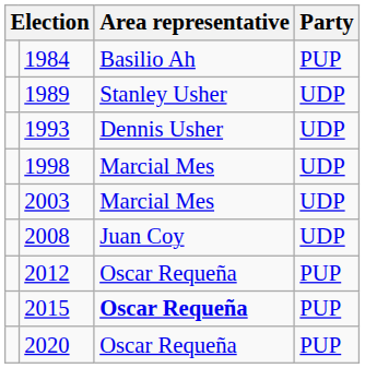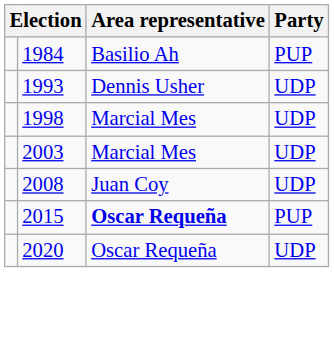 <table class="wikitable">
 <tr>
 <th colspan="2">Election</th>
 <th>Area representative</th>
 <th>Party</th>
 </tr>
 <tr>
 <td style="background-color: "></td>
 <td><a href='#'>1984</a></td>
 <td><a href='#'>Basilio Ah</a></td>
 <td><a href='#'>PUP</a></td>
-</tr>
-<tr>
-<td style="background-color: "></td>
-<td><a href='#'>1989</a></td>
-<td><a href='#'>Stanley Usher</a></td>
-<td><a href='#'>UDP</a></td>
 </tr>
 <tr>
 <td style="background-color: "></td>
 <td><a href='#'>1993</a></td>
 <td><a href='#'>Dennis Usher</a></td>
 <td><a href='#'>UDP</a></td>
 </tr>
 <tr>
 <td style="background-color: "></td>
 <td><a href='#'>1998</a></td>
 <td><a href='#'>Marcial Mes</a></td>
 <td><a href='#'>UDP</a></td>
 </tr>
 <tr>
 <td style="background-color: "></td>
 <td><a href='#'>2003</a></td>
 <td><a href='#'>Marcial Mes</a></td>
 <td><a href='#'>UDP</a></td>
 </tr>
 <tr>
 <td style="background-color: "></td>
 <td><a href='#'>2008</a></td>
 <td><a href='#'>Juan Coy</a></td>
 <td><a href='#'>UDP</a></td>
 </tr>
 <tr>
 <td style="background-color: "></td>
-<td><a href='#'>2012</a></td>
-<td><a href='#'>Oscar Requeña</a></td>
-<td><a href='#'>PUP</a></td>
-</tr>
-<tr>
-<td style="background-color: "></td>
 <td><a href='#'>2015</a></td>
 <td><strong><a href='#'>Oscar Requeña</a></strong></td>
 <td><a href='#'>PUP</a></td>
 </tr>
 <tr>
 <td style="background-color: "></td>
 <td><a href='#'>2020</a></td>
 <td><a href='#'>Oscar Requeña</a></td>
-<td><a href='#'>PUP</a></td>
+<td><a href='#'>UDP</a></td>
 </tr>
 </table>
